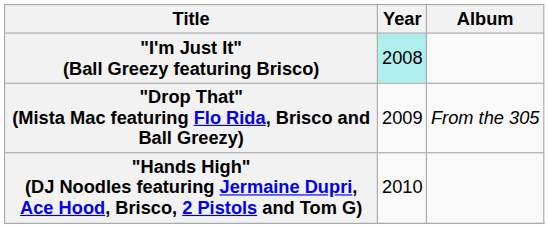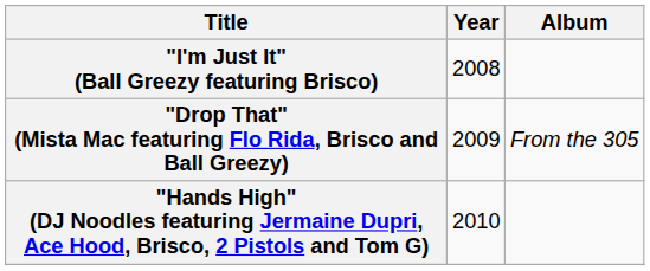 <table class="wikitable plainrowheaders" style="text-align:center;">
 <tr>
 <th scope="col" style="width:20em;">Title</th>
 <th scope="col">Year</th>
 <th scope="col">Album</th>
 </tr>
 <tr>
 <th scope="row">"I'm Just It"<br><span>(Ball Greezy featuring Brisco)</span></th>
-<td style="background: paleturquoise;">2008</td>
+<td>2008</td>
 <td></td>
 </tr>
 <tr>
 <th scope="row">"Drop That"<br><span>(Mista Mac featuring <a href='#'>Flo Rida</a>, Brisco and Ball Greezy)</span></th>
 <td>2009</td>
 <td><em>From the 305</em></td>
 </tr>
 <tr>
 <th scope="row">"Hands High"<br><span>(DJ Noodles featuring <a href='#'>Jermaine Dupri</a>, <a href='#'>Ace Hood</a>, Brisco, <a href='#'>2 Pistols</a> and Tom G)</span></th>
 <td>2010</td>
 <td></td>
 </tr>
 <tr>
 </tr>
 </table>
